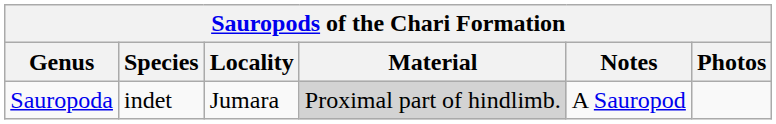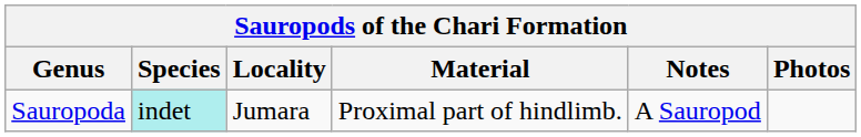 <table class="wikitable" align="center">
 <tr>
 <th colspan="6" align="center"><a href='#'>Sauropods</a> of the Chari Formation</th>
 </tr>
 <tr>
 <th>Genus</th>
 <th>Species</th>
 <th>Locality</th>
 <th>Material</th>
 <th>Notes</th>
 <th>Photos</th>
 </tr>
 <tr>
 <td><a href='#'>Sauropoda</a></td>
-<td>indet</td>
+<td style="background: paleturquoise;">indet</td>
 <td>Jumara</td>
-<td style="background: lightgrey;">Proximal part of hindlimb.</td>
+<td>Proximal part of hindlimb.</td>
 <td>A <a href='#'>Sauropod</a></td>
 <td></td>
 </tr>
 </table>
